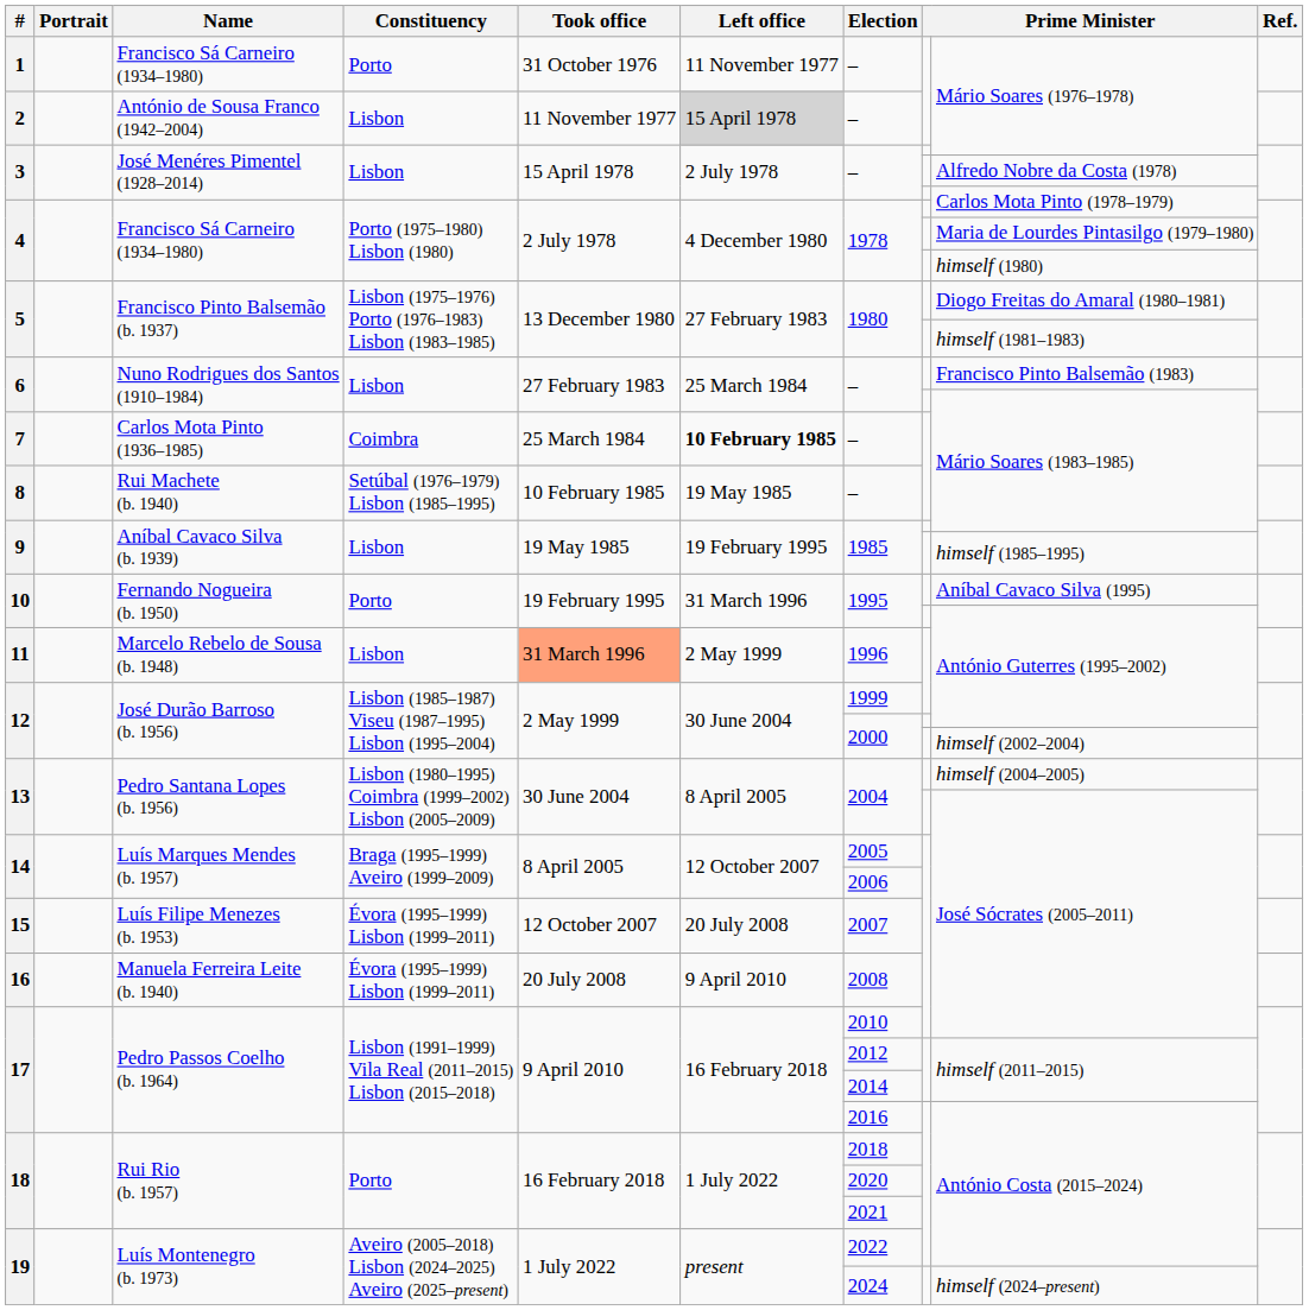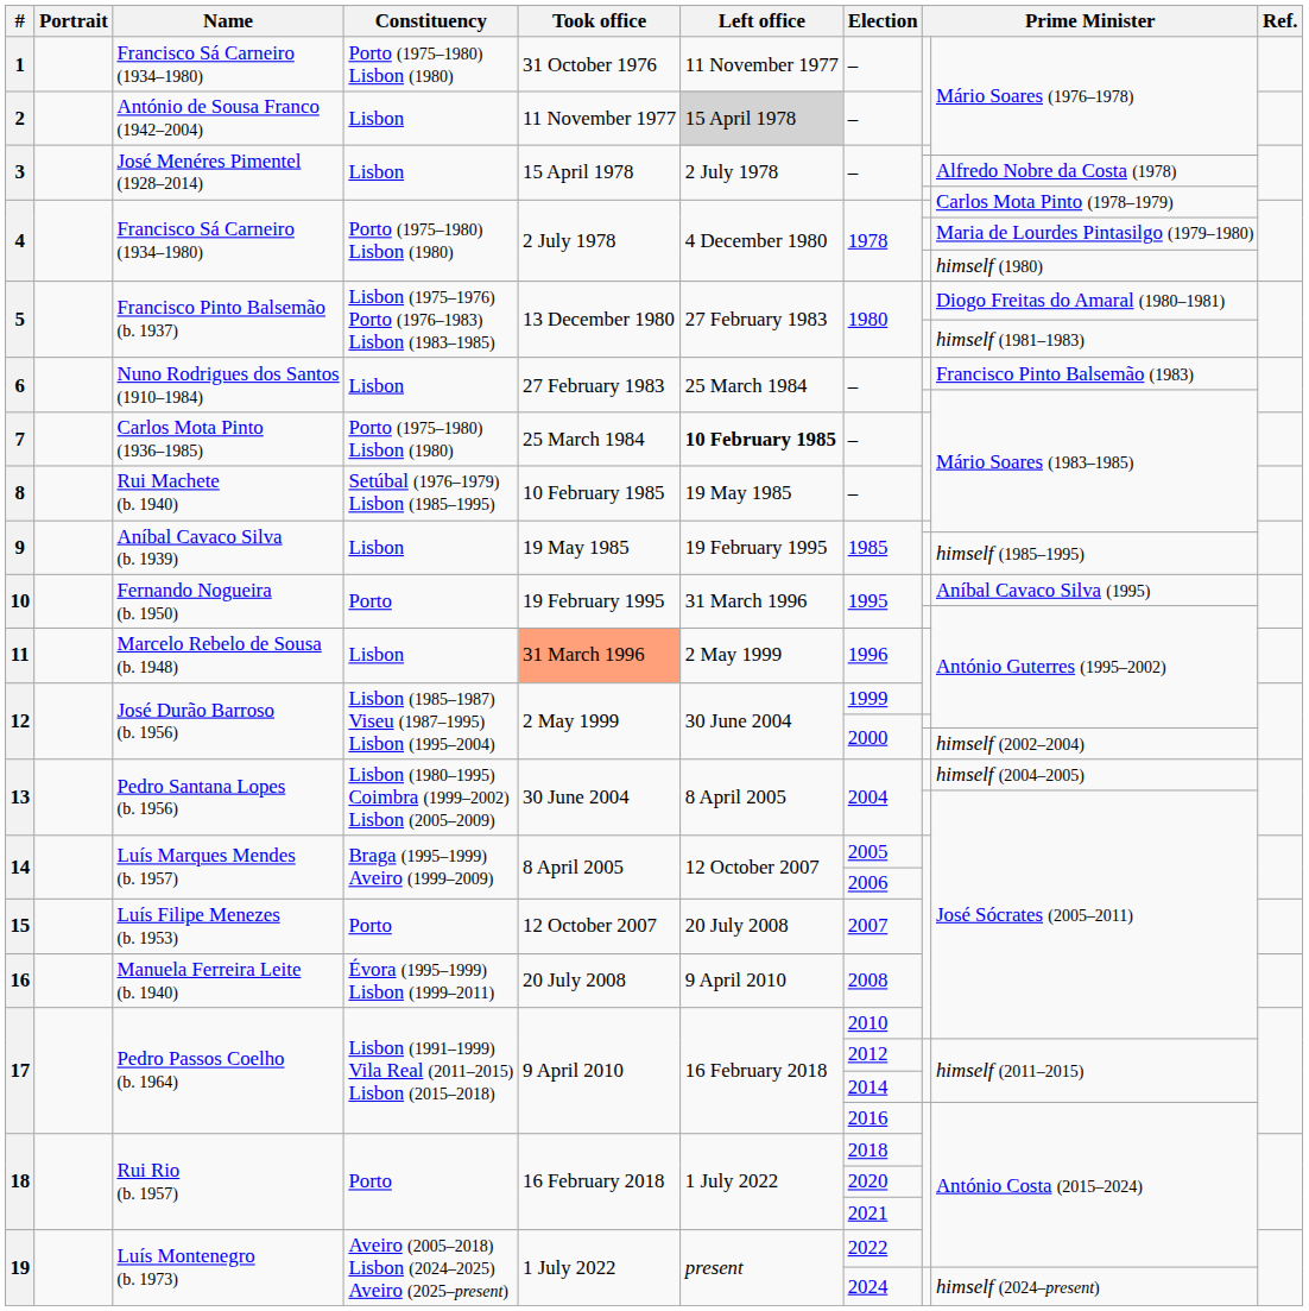 <table class="wikitable">
 <tr>
 <th>#</th>
 <th>Portrait</th>
 <th>Name</th>
 <th>Constituency</th>
 <th>Took office</th>
 <th>Left office</th>
 <th>Election</th>
 <th colspan="2">Prime Minister</th>
 <th>Ref.</th>
 </tr>
 <tr>
 <th>1</th>
 <td></td>
 <td><a href='#'>Francisco Sá Carneiro</a><br><small>(1934–1980)</small></td>
-<td><a href='#'>Porto</a></td>
+<td><a href='#'>Porto</a> <small>(1975–1980)</small><br><a href='#'>Lisbon</a> <small>(1980)</small></td>
 <td>31 October 1976</td>
 <td>11 November 1977</td>
 <td>–</td>
 <td rowspan="2" style="background-color: "></td>
 <td rowspan="3"><a href='#'>Mário Soares</a> <small>(1976–1978)</small></td>
 <td></td>
 </tr>
 <tr>
 <th>2</th>
 <td></td>
 <td><a href='#'>António de Sousa Franco</a><br><small>(1942–2004)</small></td>
 <td><a href='#'>Lisbon</a></td>
 <td>11 November 1977</td>
 <td style="background: lightgrey;">15 April 1978</td>
 <td>–</td>
 <td></td>
 </tr>
 <tr>
 <th rowspan="3">3</th>
 <td rowspan="3"></td>
 <td rowspan="3"><a href='#'>José Menéres Pimentel</a><br><small>(1928–2014)</small></td>
 <td rowspan="3"><a href='#'>Lisbon</a></td>
 <td rowspan="3">15 April 1978</td>
 <td rowspan="3">2 July 1978</td>
 <td rowspan="3">–</td>
 <td style="background-color: "></td>
 <td rowspan="3"></td>
 </tr>
 <tr>
 <td style="background-color: "></td>
 <td><a href='#'>Alfredo Nobre da Costa</a> <small>(1978)</small></td>
 </tr>
 <tr>
 <td style="background-color: "></td>
 <td rowspan="2"><a href='#'>Carlos Mota Pinto</a> <small>(1978–1979)</small></td>
 </tr>
 <tr>
 <th rowspan="3">4</th>
 <td rowspan="3"></td>
 <td rowspan="3"><a href='#'>Francisco Sá Carneiro</a><br><small>(1934–1980)</small></td>
 <td rowspan="3"><a href='#'>Porto</a> <small>(1975–1980)</small><br><a href='#'>Lisbon</a> <small>(1980)</small></td>
 <td rowspan="3">2 July 1978</td>
 <td rowspan="3">4 December 1980</td>
 <td rowspan="3"><a href='#'>1978</a></td>
 <td style="background-color: "></td>
 <td rowspan="3"></td>
 </tr>
 <tr>
 <td style="background-color: "></td>
 <td><a href='#'>Maria de Lourdes Pintasilgo</a> <small>(1979–1980)</small></td>
 </tr>
 <tr>
 <td style="background-color: "></td>
 <td><em>himself</em> <small>(1980)</small></td>
 </tr>
 <tr>
 <th rowspan="2">5</th>
 <td rowspan="2"></td>
 <td rowspan="2"><a href='#'>Francisco Pinto Balsemão</a><br><small>(b. 1937)</small></td>
 <td rowspan="2"><a href='#'>Lisbon</a> <small>(1975–1976)</small><br><a href='#'>Porto</a> <small>(1976–1983)</small><br><a href='#'>Lisbon</a> <small>(1983–1985)</small></td>
 <td rowspan="2">13 December 1980</td>
 <td rowspan="2">27 February 1983</td>
 <td rowspan="2"><a href='#'>1980</a></td>
 <td style="background-color: "></td>
 <td><a href='#'>Diogo Freitas do Amaral</a> <small>(1980–1981)</small></td>
 <td rowspan="2"></td>
 </tr>
 <tr>
 <td style="background-color: "></td>
 <td><em>himself</em> <small>(1981–1983)</small></td>
 </tr>
 <tr>
 <th rowspan="2">6</th>
 <td rowspan="2"></td>
 <td rowspan="2"><a href='#'>Nuno Rodrigues dos Santos</a><br><small>(1910–1984)</small></td>
 <td rowspan="2"><a href='#'>Lisbon</a></td>
 <td rowspan="2">27 February 1983</td>
 <td rowspan="2">25 March 1984</td>
 <td rowspan="2">–</td>
 <td style="background-color: "></td>
 <td><a href='#'>Francisco Pinto Balsemão</a> <small>(1983)</small></td>
 <td rowspan="2"></td>
 </tr>
 <tr>
 <td style="background-color: "></td>
 <td rowspan="4"><a href='#'>Mário Soares</a> <small>(1983–1985)</small></td>
 </tr>
 <tr>
 <th>7</th>
 <td></td>
 <td><a href='#'>Carlos Mota Pinto</a><br><small>(1936–1985)</small></td>
-<td><a href='#'>Coimbra</a></td>
+<td><a href='#'>Porto</a> <small>(1975–1980)</small><br><a href='#'>Lisbon</a> <small>(1980)</small></td>
 <td>25 March 1984</td>
 <td><strong>10 February 1985</strong></td>
 <td>–</td>
 <td rowspan="2" style="background-color: "></td>
 <td></td>
 </tr>
 <tr>
 <th>8</th>
 <td></td>
 <td><a href='#'>Rui Machete</a><br><small>(b. 1940)</small></td>
 <td><a href='#'>Setúbal</a> <small>(1976–1979)</small><br><a href='#'>Lisbon</a> <small>(1985–1995)</small></td>
 <td>10 February 1985</td>
 <td>19 May 1985</td>
 <td>–</td>
 <td></td>
 </tr>
 <tr>
 <th rowspan="2">9</th>
 <td rowspan="2"></td>
 <td rowspan="2"><a href='#'>Aníbal Cavaco Silva</a><br><small>(b. 1939)</small></td>
 <td rowspan="2"><a href='#'>Lisbon</a></td>
 <td rowspan="2">19 May 1985</td>
 <td rowspan="2">19 February 1995</td>
 <td rowspan="2"><a href='#'>1985</a></td>
 <td style="background-color: "></td>
 <td rowspan="2"></td>
 </tr>
 <tr>
 <td style="background-color: "></td>
 <td><em>himself</em> <small>(1985–1995)</small></td>
 </tr>
 <tr>
 <th rowspan="2">10</th>
 <td rowspan="2"></td>
 <td rowspan="2"><a href='#'>Fernando Nogueira</a><br><small>(b. 1950)</small></td>
 <td rowspan="2"><a href='#'>Porto</a></td>
 <td rowspan="2">19 February 1995</td>
 <td rowspan="2">31 March 1996</td>
 <td rowspan="2"><a href='#'>1995</a></td>
 <td style="background-color: "></td>
 <td><a href='#'>Aníbal Cavaco Silva</a> <small>(1995)</small></td>
 <td rowspan="2"></td>
 </tr>
 <tr>
 <td style="background-color: "></td>
 <td rowspan="4"><a href='#'>António Guterres</a> <small>(1995–2002)</small></td>
 </tr>
 <tr>
 <th>11</th>
 <td></td>
 <td><a href='#'>Marcelo Rebelo de Sousa</a><br><small>(b. 1948)</small></td>
 <td><a href='#'>Lisbon</a></td>
 <td style="background: lightsalmon;">31 March 1996</td>
 <td>2 May 1999</td>
 <td><a href='#'>1996</a></td>
 <td rowspan="2" style="background-color: "></td>
 <td></td>
 </tr>
 <tr>
 <th rowspan="3">12</th>
 <td rowspan="3"></td>
 <td rowspan="3"><a href='#'>José Durão Barroso</a><br><small>(b. 1956)</small></td>
 <td rowspan="3"><a href='#'>Lisbon</a> <small>(1985–1987)</small><br><a href='#'>Viseu</a> <small>(1987–1995)</small><br><a href='#'>Lisbon</a> <small>(1995–2004)</small></td>
 <td rowspan="3">2 May 1999</td>
 <td rowspan="3">30 June 2004</td>
 <td><a href='#'>1999</a></td>
 <td rowspan="3"></td>
 </tr>
 <tr>
 <td rowspan="2"><a href='#'>2000</a></td>
 <td style="background-color: "></td>
 </tr>
 <tr>
 <td style="background-color: "></td>
 <td><em>himself</em> <small>(2002–2004)</small></td>
 </tr>
 <tr>
 <th rowspan="2">13</th>
 <td rowspan="2"></td>
 <td rowspan="2"><a href='#'>Pedro Santana Lopes</a><br><small>(b. 1956)</small></td>
 <td rowspan="2"><a href='#'>Lisbon</a> <small>(1980–1995)</small><br><a href='#'>Coimbra</a> <small>(1999–2002)</small><br><a href='#'>Lisbon</a> <small>(2005–2009)</small></td>
 <td rowspan="2">30 June 2004</td>
 <td rowspan="2">8 April 2005</td>
 <td rowspan="2"><a href='#'>2004</a></td>
 <td style="background-color: "></td>
 <td><em>himself</em> <small>(2004–2005)</small></td>
 <td rowspan="2"></td>
 </tr>
 <tr>
 <td style="background-color: "></td>
 <td rowspan="6"><a href='#'>José Sócrates</a> <small>(2005–2011)</small></td>
 </tr>
 <tr>
 <th rowspan="2">14</th>
 <td rowspan="2"></td>
 <td rowspan="2"><a href='#'>Luís Marques Mendes</a><br><small>(b. 1957)</small></td>
 <td rowspan="2"><a href='#'>Braga</a> <small>(1995–1999)</small><br><a href='#'>Aveiro</a> <small>(1999–2009)</small></td>
 <td rowspan="2">8 April 2005</td>
 <td rowspan="2">12 October 2007</td>
 <td><a href='#'>2005</a></td>
 <td rowspan="5" style="background-color: "></td>
 <td rowspan="2"></td>
 </tr>
 <tr>
 <td><a href='#'>2006</a></td>
 </tr>
 <tr>
 <th>15</th>
 <td></td>
 <td><a href='#'>Luís Filipe Menezes</a><br><small>(b. 1953)</small></td>
-<td><a href='#'>Évora</a> <small>(1995–1999)</small><br><a href='#'>Lisbon</a> <small>(1999–2011)</small></td>
+<td><a href='#'>Porto</a></td>
 <td>12 October 2007</td>
 <td>20 July 2008</td>
 <td><a href='#'>2007</a></td>
 <td></td>
 </tr>
 <tr>
 <th>16</th>
 <td></td>
 <td><a href='#'>Manuela Ferreira Leite</a><br><small>(b. 1940)</small></td>
 <td><a href='#'>Évora</a> <small>(1995–1999)</small><br><a href='#'>Lisbon</a> <small>(1999–2011)</small></td>
 <td>20 July 2008</td>
 <td>9 April 2010</td>
 <td><a href='#'>2008</a></td>
 <td></td>
 </tr>
 <tr>
 <th rowspan="4">17</th>
 <td rowspan="4"></td>
 <td rowspan="4"><a href='#'>Pedro Passos Coelho</a><br><small>(b. 1964)</small></td>
 <td rowspan="4"><a href='#'>Lisbon</a> <small>(1991–1999)</small><br><a href='#'>Vila Real</a> <small>(2011–2015)</small><br><a href='#'>Lisbon</a> <small>(2015–2018)</small></td>
 <td rowspan="4">9 April 2010</td>
 <td rowspan="4">16 February 2018</td>
 <td><a href='#'>2010</a></td>
 <td rowspan="4"></td>
 </tr>
 <tr>
 <td><a href='#'>2012</a></td>
 <td rowspan="2" style="background-color: "></td>
 <td rowspan="2"><em>himself</em> <small>(2011–2015)</small></td>
 </tr>
 <tr>
 <td><a href='#'>2014</a></td>
 </tr>
 <tr>
 <td><a href='#'>2016</a></td>
 <td rowspan="5" style="background-color: "></td>
 <td rowspan="5"><a href='#'>António Costa</a> <small>(2015–2024)</small></td>
 </tr>
 <tr>
 <th rowspan="3">18</th>
 <td rowspan="3"></td>
 <td rowspan="3"><a href='#'>Rui Rio</a><br><small>(b. 1957)</small></td>
 <td rowspan="3"><a href='#'>Porto</a></td>
 <td rowspan="3">16 February 2018</td>
 <td rowspan="3">1 July 2022</td>
 <td><a href='#'>2018</a></td>
 <td rowspan="3"></td>
 </tr>
 <tr>
 <td><a href='#'>2020</a></td>
 </tr>
 <tr>
 <td><a href='#'>2021</a></td>
 </tr>
 <tr>
 <th rowspan="2">19</th>
 <td rowspan="2"></td>
 <td rowspan="2"><a href='#'>Luís Montenegro</a><br><small>(b. 1973)</small></td>
 <td rowspan="2"><a href='#'>Aveiro</a> <small>(2005–2018)</small><br><a href='#'>Lisbon</a> <small>(2024–2025)</small><br><a href='#'>Aveiro</a> <small>(2025–<em>present</em>)</small></td>
 <td rowspan="2">1 July 2022</td>
 <td rowspan="2"><em>present</em></td>
 <td><a href='#'>2022</a></td>
 <td rowspan="2"></td>
 </tr>
 <tr>
 <td><a href='#'>2024</a></td>
 <td style="background-color: "></td>
 <td><em>himself</em> <small>(2024–<em>present</em>)</small></td>
 </tr>
 </table>
